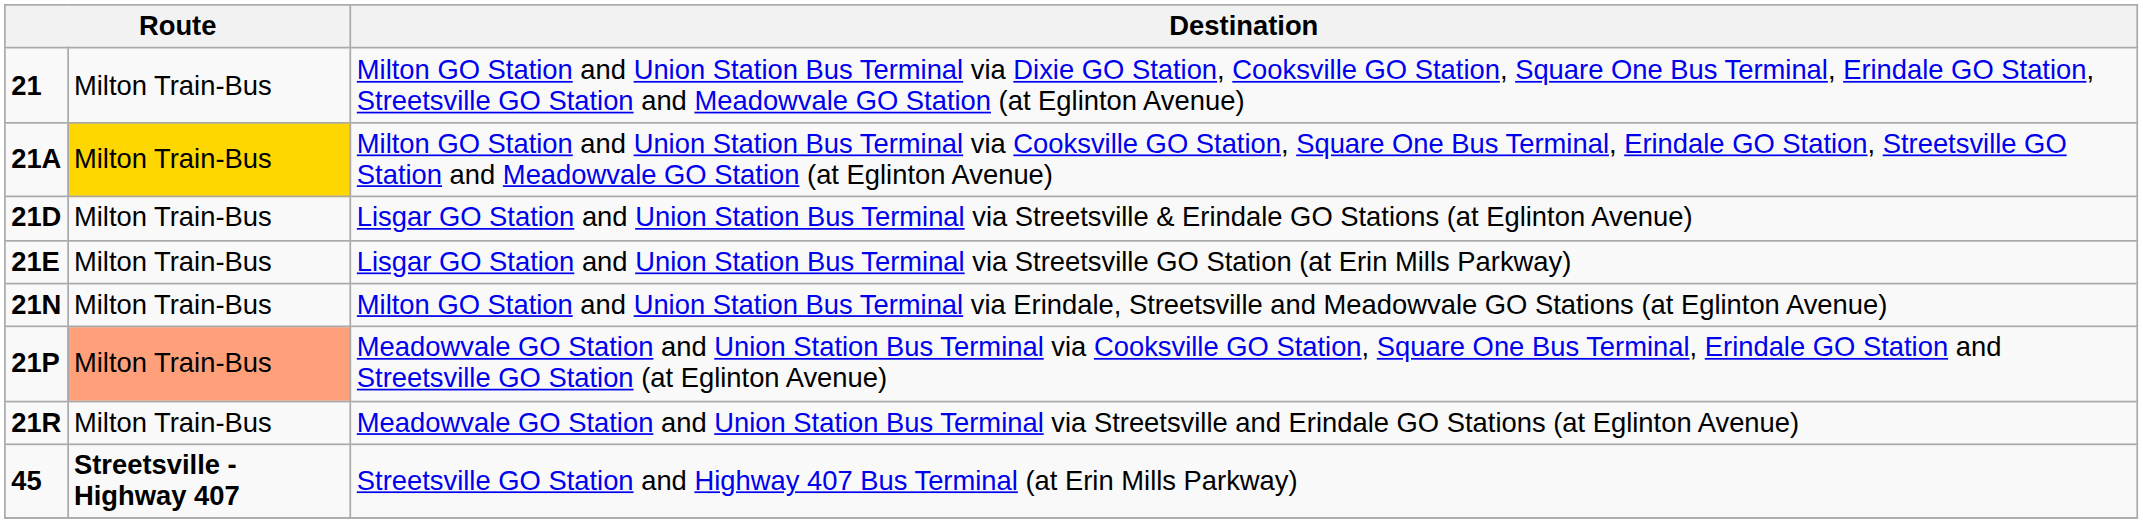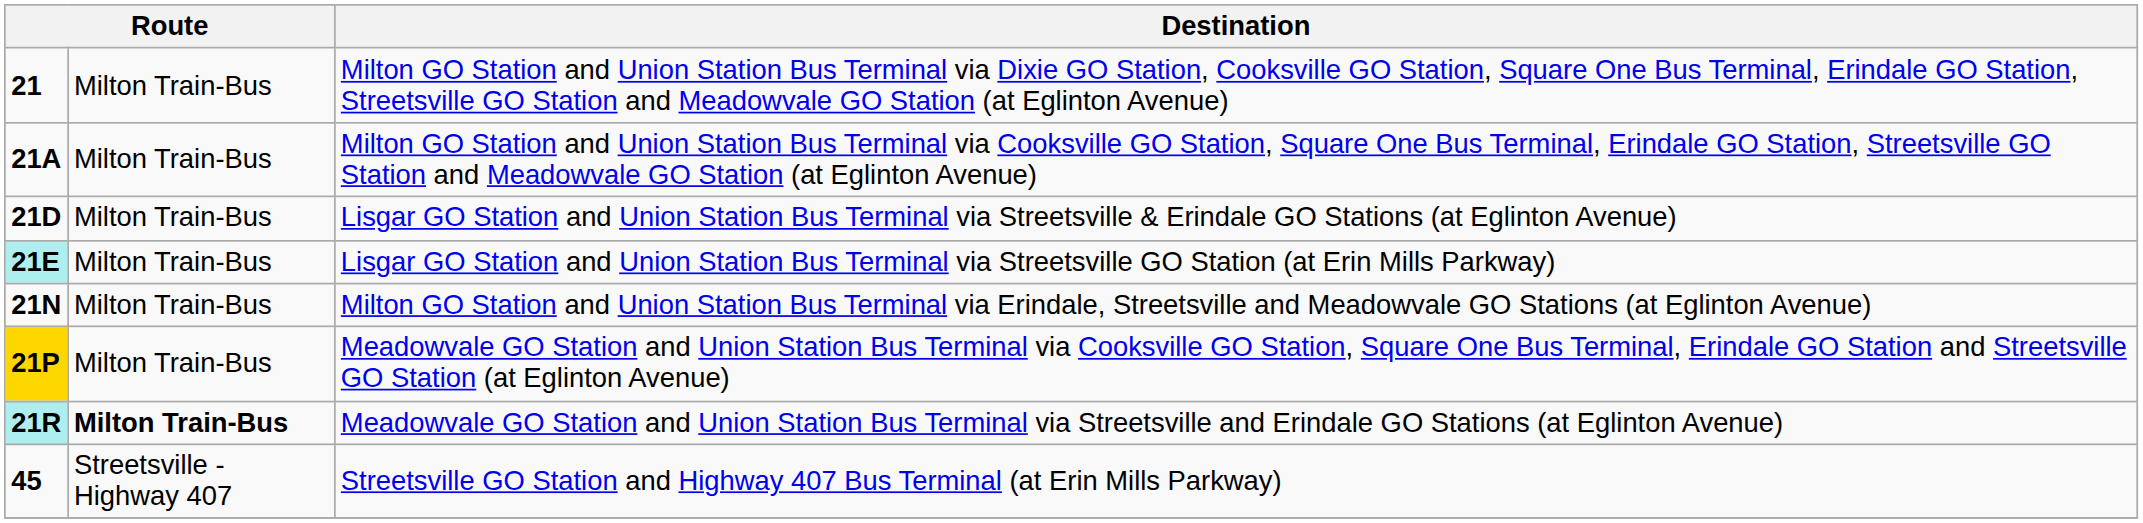 <table class=wikitable style="font-size: 100%;" |>
 <tr>
 <th colspan=2>Route</th>
 <th>Destination</th>
 </tr>
 <tr>
 <td><strong>21</strong></td>
 <td>Milton Train-Bus</td>
 <td><a href='#'>Milton GO Station</a> and <a href='#'>Union Station Bus Terminal</a> via <a href='#'>Dixie GO Station</a>, <a href='#'>Cooksville GO Station</a>, <a href='#'>Square One Bus Terminal</a>, <a href='#'>Erindale GO Station</a>, <a href='#'>Streetsville GO Station</a> and <a href='#'>Meadowvale GO Station</a> (at Eglinton Avenue)</td>
 </tr>
 <tr>
 <td><strong>21A</strong></td>
-<td style="background: gold;">Milton Train-Bus</td>
+<td>Milton Train-Bus</td>
 <td><a href='#'>Milton GO Station</a> and <a href='#'>Union Station Bus Terminal</a> via <a href='#'>Cooksville GO Station</a>, <a href='#'>Square One Bus Terminal</a>, <a href='#'>Erindale GO Station</a>, <a href='#'>Streetsville GO Station</a> and <a href='#'>Meadowvale GO Station</a> (at Eglinton Avenue)</td>
 </tr>
 <tr>
 <td><strong>21D</strong></td>
 <td>Milton Train-Bus</td>
 <td><a href='#'>Lisgar GO Station</a> and <a href='#'>Union Station Bus Terminal</a> via Streetsville & Erindale GO Stations (at Eglinton Avenue)</td>
 </tr>
 <tr>
-<td><strong>21E</strong></td>
+<td style="background: paleturquoise;"><strong>21E</strong></td>
 <td>Milton Train-Bus</td>
 <td><a href='#'>Lisgar GO Station</a> and <a href='#'>Union Station Bus Terminal</a> via Streetsville GO Station (at Erin Mills Parkway)</td>
 </tr>
 <tr>
 <td><strong>21N</strong></td>
 <td>Milton Train-Bus</td>
 <td><a href='#'>Milton GO Station</a> and <a href='#'>Union Station Bus Terminal</a> via Erindale, Streetsville and Meadowvale GO Stations (at Eglinton Avenue)</td>
 </tr>
 <tr>
-<td><strong>21P</strong></td>
-<td style="background: lightsalmon;">Milton Train-Bus</td>
+<td style="background: gold;"><strong>21P</strong></td>
+<td>Milton Train-Bus</td>
 <td><a href='#'>Meadowvale GO Station</a> and <a href='#'>Union Station Bus Terminal</a> via <a href='#'>Cooksville GO Station</a>, <a href='#'>Square One Bus Terminal</a>, <a href='#'>Erindale GO Station</a> and <a href='#'>Streetsville GO Station</a> (at Eglinton Avenue)</td>
 </tr>
 <tr>
-<td><strong>21R</strong></td>
-<td>Milton Train-Bus</td>
+<td style="background: paleturquoise;"><strong>21R</strong></td>
+<td><strong>Milton Train-Bus</strong></td>
 <td><a href='#'>Meadowvale GO Station</a> and <a href='#'>Union Station Bus Terminal</a> via Streetsville and Erindale GO Stations (at Eglinton Avenue)</td>
 </tr>
 <tr>
 <td><strong>45</strong></td>
-<td><strong>Streetsville - Highway 407</strong></td>
+<td>Streetsville - Highway 407</td>
 <td><a href='#'>Streetsville GO Station</a> and <a href='#'>Highway 407 Bus Terminal</a> (at Erin Mills Parkway)</td>
 </tr>
 <tr>
 </tr>
 </table>
